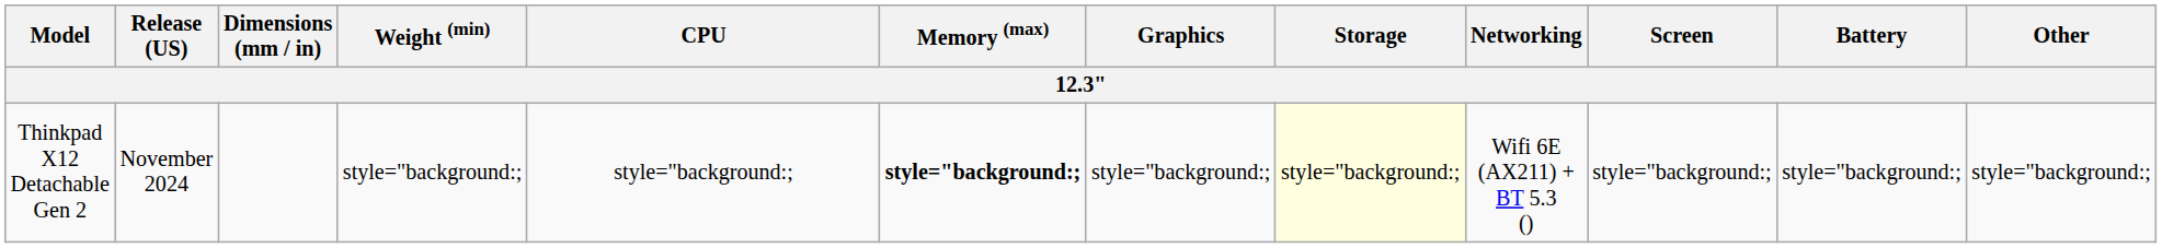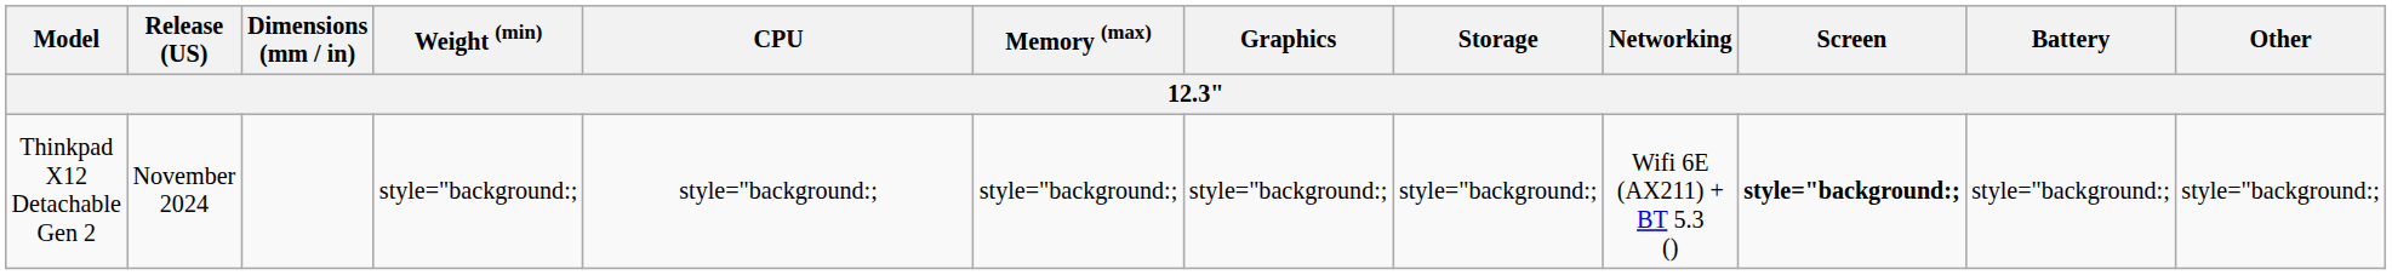 <table class="wikitable" style="font-size: 80%; text-align: center; min-width: 80%;">
 <tr>
 <th>Model</th>
 <th>Release (US)</th>
 <th>Dimensions (mm / in)</th>
 <th>Weight <sup>(min)</sup></th>
 <th style="width:17%">CPU</th>
 <th>Memory <sup>(max)</sup></th>
 <th>Graphics</th>
 <th>Storage</th>
 <th>Networking</th>
 <th>Screen</th>
 <th>Battery</th>
 <th>Other</th>
 </tr>
 <tr>
 <th colspan=12>12.3"</th>
 </tr>
 <tr>
 <td>Thinkpad<br>X12<br>Detachable<br>Gen 2<br></td>
 <td>November 2024</td>
 <td></td>
 <td>style="background:;</td>
 <td>style="background:; </td>
+<td>style="background:;</td>
+<td>style="background:;</td>
+<td>style="background:;</td>
+<td><br>Wifi 6E (AX211) + <a href='#'>BT</a> 5.3 <br> ()<br></td>
 <td><strong>style="background:;</strong></td>
-<td>style="background:;</td>
-<td style="background: lightyellow;">style="background:;</td>
-<td><br>Wifi 6E (AX211) + <a href='#'>BT</a> 5.3 <br> ()<br></td>
-<td>style="background:;</td>
 <td>style="background:;</td>
 <td>style="background:;</td>
 </tr>
 </table>
